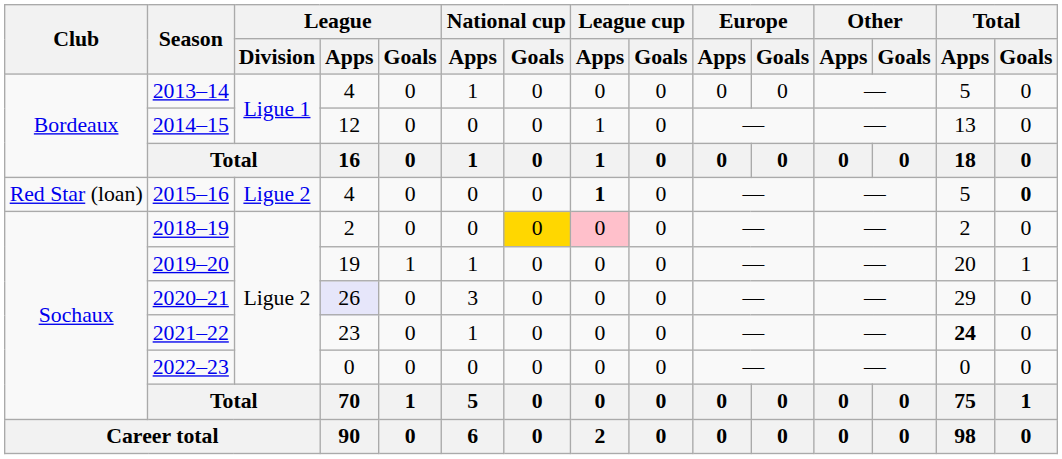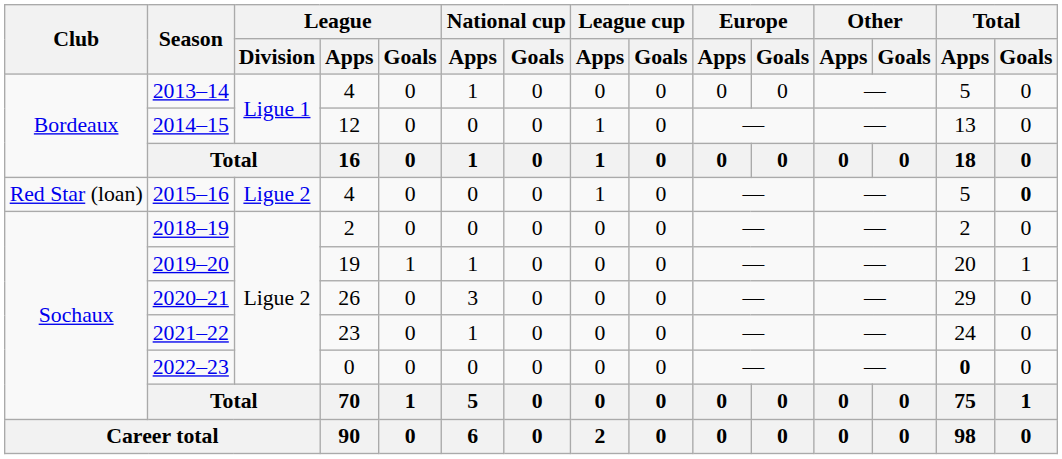 <table class="wikitable" style="text-align:center">
 <tr>
 <th rowspan="2">Club</th>
 <th rowspan="2">Season</th>
 <th colspan="3">League</th>
 <th colspan="2">National cup</th>
 <th colspan="2">League cup</th>
 <th colspan="2">Europe</th>
 <th colspan="2">Other</th>
 <th colspan="2">Total</th>
 </tr>
 <tr>
 <th>Division</th>
 <th>Apps</th>
 <th>Goals</th>
 <th>Apps</th>
 <th>Goals</th>
 <th>Apps</th>
 <th>Goals</th>
 <th>Apps</th>
 <th>Goals</th>
 <th>Apps</th>
 <th>Goals</th>
 <th>Apps</th>
 <th>Goals</th>
 </tr>
 <tr>
 <td rowspan="3"><a href='#'>Bordeaux</a></td>
 <td><a href='#'>2013–14</a></td>
 <td rowspan="2"><a href='#'>Ligue 1</a></td>
 <td>4</td>
 <td>0</td>
 <td>1</td>
 <td>0</td>
 <td>0</td>
 <td>0</td>
 <td>0</td>
 <td>0</td>
 <td colspan="2">—</td>
 <td>5</td>
 <td>0</td>
 </tr>
 <tr>
 <td><a href='#'>2014–15</a></td>
 <td>12</td>
 <td>0</td>
 <td>0</td>
 <td>0</td>
 <td>1</td>
 <td>0</td>
 <td colspan="2">—</td>
 <td colspan="2">—</td>
 <td>13</td>
 <td>0</td>
 </tr>
 <tr>
 <th colspan="2">Total</th>
 <th>16</th>
 <th>0</th>
 <th>1</th>
 <th>0</th>
 <th>1</th>
 <th>0</th>
 <th>0</th>
 <th>0</th>
 <th>0</th>
 <th>0</th>
 <th>18</th>
 <th>0</th>
 </tr>
 <tr>
 <td><a href='#'>Red Star</a> (loan)</td>
 <td><a href='#'>2015–16</a></td>
 <td><a href='#'>Ligue 2</a></td>
 <td>4</td>
 <td>0</td>
 <td>0</td>
 <td>0</td>
-<td><strong>1</strong></td>
+<td>1</td>
 <td>0</td>
 <td colspan="2">—</td>
 <td colspan="2">—</td>
 <td>5</td>
 <td><strong>0</strong></td>
 </tr>
 <tr>
 <td rowspan="6"><a href='#'>Sochaux</a></td>
 <td><a href='#'>2018–19</a></td>
 <td rowspan="5">Ligue 2</td>
 <td>2</td>
 <td>0</td>
 <td>0</td>
-<td style="background: gold;">0</td>
-<td style="background: pink;">0</td>
+<td>0</td>
+<td>0</td>
 <td>0</td>
 <td colspan="2">—</td>
 <td colspan="2">—</td>
 <td>2</td>
 <td>0</td>
 </tr>
 <tr>
 <td><a href='#'>2019–20</a></td>
 <td>19</td>
 <td>1</td>
 <td>1</td>
 <td>0</td>
 <td>0</td>
 <td>0</td>
 <td colspan="2">—</td>
 <td colspan="2">—</td>
 <td>20</td>
 <td>1</td>
 </tr>
 <tr>
 <td><a href='#'>2020–21</a></td>
-<td style="background: lavender;">26</td>
+<td>26</td>
 <td>0</td>
 <td>3</td>
 <td>0</td>
 <td>0</td>
 <td>0</td>
 <td colspan="2">—</td>
 <td colspan="2">—</td>
 <td>29</td>
 <td>0</td>
 </tr>
 <tr>
 <td><a href='#'>2021–22</a></td>
 <td>23</td>
 <td>0</td>
 <td>1</td>
 <td>0</td>
 <td>0</td>
 <td>0</td>
 <td colspan="2">—</td>
 <td colspan="2">—</td>
-<td><strong>24</strong></td>
+<td>24</td>
 <td>0</td>
 </tr>
 <tr>
 <td><a href='#'>2022–23</a></td>
 <td>0</td>
 <td>0</td>
 <td>0</td>
 <td>0</td>
 <td>0</td>
 <td>0</td>
 <td colspan="2">—</td>
 <td colspan="2">—</td>
-<td>0</td>
+<td><strong>0</strong></td>
 <td>0</td>
 </tr>
 <tr>
 <th colspan="2">Total</th>
 <th>70</th>
 <th>1</th>
 <th>5</th>
 <th>0</th>
 <th>0</th>
 <th>0</th>
 <th>0</th>
 <th>0</th>
 <th>0</th>
 <th>0</th>
 <th>75</th>
 <th>1</th>
 </tr>
 <tr>
 <th colspan="3">Career total</th>
 <th>90</th>
 <th>0</th>
 <th>6</th>
 <th>0</th>
 <th>2</th>
 <th>0</th>
 <th>0</th>
 <th>0</th>
 <th>0</th>
 <th>0</th>
 <th>98</th>
 <th>0</th>
 </tr>
 </table>
